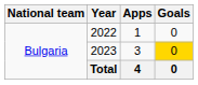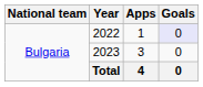 <table class="wikitable" style="text-align:center">
 <tr>
 <th>National team</th>
 <th>Year</th>
 <th>Apps</th>
 <th>Goals</th>
 </tr>
 <tr>
 <td rowspan="4"><a href='#'>Bulgaria</a></td>
 <td>2022</td>
 <td>1</td>
-<td>0</td>
+<td style="background: lavender;">0</td>
 </tr>
 <tr>
 <td>2023</td>
 <td>3</td>
-<td style="background: gold;">0</td>
+<td>0</td>
 </tr>
 <tr>
 <th>Total</th>
 <th>4</th>
 <th>0</th>
 </tr>
 </table>
